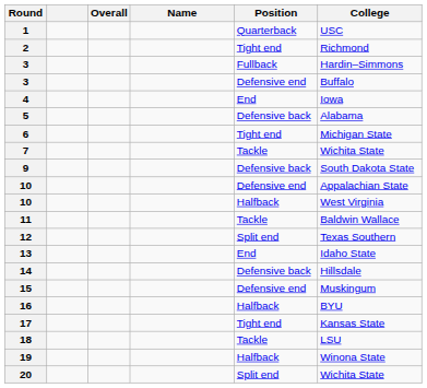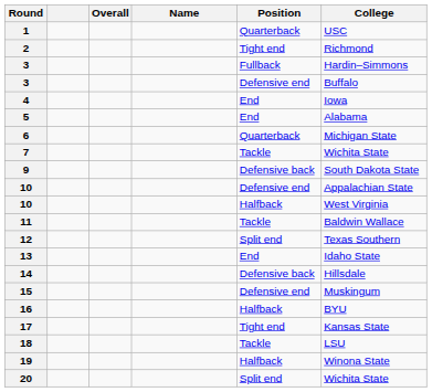 <table class="wikitable sortable">
 <tr>
 <th scope="col" style="width: 10%;">Round</th>
 <th scope="col" style="width: 10%;"></th>
 <th scope="col" style="width: 10%;">Overall</th>
 <th scope="col" style="width: 25%;">Name</th>
 <th scope="col" style="width: 20%;">Position</th>
 <th scope="col" style="width: 25%;">College</th>
 </tr>
 <tr>
 <th scope="row">1</th>
 <td></td>
 <td></td>
 <td></td>
 <td><a href='#'>Quarterback</a></td>
 <td><a href='#'>USC</a></td>
 </tr>
 <tr>
 <th scope="row">2</th>
 <td></td>
 <td></td>
 <td></td>
 <td><a href='#'>Tight end</a></td>
 <td><a href='#'>Richmond</a></td>
 </tr>
 <tr>
 <th scope="row">3</th>
 <td></td>
 <td></td>
 <td></td>
 <td><a href='#'>Fullback</a></td>
 <td><a href='#'>Hardin–Simmons</a></td>
 </tr>
 <tr>
 <th scope="row">3</th>
 <td></td>
 <td></td>
 <td></td>
 <td><a href='#'>Defensive end</a></td>
 <td><a href='#'>Buffalo</a></td>
 </tr>
 <tr>
 <th scope="row">4</th>
 <td></td>
 <td></td>
 <td></td>
 <td><a href='#'>End</a></td>
 <td><a href='#'>Iowa</a></td>
 </tr>
 <tr>
 <th scope="row">5</th>
 <td></td>
 <td></td>
 <td></td>
-<td><a href='#'>Defensive back</a></td>
+<td><a href='#'>End</a></td>
 <td><a href='#'>Alabama</a></td>
 </tr>
 <tr>
 <th scope="row">6</th>
 <td></td>
 <td></td>
 <td></td>
-<td><a href='#'>Tight end</a></td>
+<td><a href='#'>Quarterback</a></td>
 <td><a href='#'>Michigan State</a></td>
 </tr>
 <tr>
 <th scope="row">7</th>
 <td></td>
 <td></td>
 <td></td>
 <td><a href='#'>Tackle</a></td>
 <td><a href='#'>Wichita State</a></td>
 </tr>
 <tr>
 <th scope="row">9</th>
 <td></td>
 <td></td>
 <td></td>
 <td><a href='#'>Defensive back</a></td>
 <td><a href='#'>South Dakota State</a></td>
 </tr>
 <tr>
 <th scope="row">10</th>
 <td></td>
 <td></td>
 <td></td>
 <td><a href='#'>Defensive end</a></td>
 <td><a href='#'>Appalachian State</a></td>
 </tr>
 <tr>
 <th scope="row">10</th>
 <td></td>
 <td></td>
 <td></td>
 <td><a href='#'>Halfback</a></td>
 <td><a href='#'>West Virginia</a></td>
 </tr>
 <tr>
 <th scope="row">11</th>
 <td></td>
 <td></td>
 <td></td>
 <td><a href='#'>Tackle</a></td>
 <td><a href='#'>Baldwin Wallace</a></td>
 </tr>
 <tr>
 <th scope="row">12</th>
 <td></td>
 <td></td>
 <td></td>
 <td><a href='#'>Split end</a></td>
 <td><a href='#'>Texas Southern</a></td>
 </tr>
 <tr>
 <th scope="row">13</th>
 <td></td>
 <td></td>
 <td></td>
 <td><a href='#'>End</a></td>
 <td><a href='#'>Idaho State</a></td>
 </tr>
 <tr>
 <th scope="row">14</th>
 <td></td>
 <td></td>
 <td></td>
 <td><a href='#'>Defensive back</a></td>
 <td><a href='#'>Hillsdale</a></td>
 </tr>
 <tr>
 <th scope="row">15</th>
 <td></td>
 <td></td>
 <td></td>
 <td><a href='#'>Defensive end</a></td>
 <td><a href='#'>Muskingum</a></td>
 </tr>
 <tr>
 <th scope="row">16</th>
 <td></td>
 <td></td>
 <td></td>
 <td><a href='#'>Halfback</a></td>
 <td><a href='#'>BYU</a></td>
 </tr>
 <tr>
 <th scope="row">17</th>
 <td></td>
 <td></td>
 <td></td>
 <td><a href='#'>Tight end</a></td>
 <td><a href='#'>Kansas State</a></td>
 </tr>
 <tr>
 <th scope="row">18</th>
 <td></td>
 <td></td>
 <td></td>
 <td><a href='#'>Tackle</a></td>
 <td><a href='#'>LSU</a></td>
 </tr>
 <tr>
 <th scope="row">19</th>
 <td></td>
 <td></td>
 <td></td>
 <td><a href='#'>Halfback</a></td>
 <td><a href='#'>Winona State</a></td>
 </tr>
 <tr>
 <th scope="row">20</th>
 <td></td>
 <td></td>
 <td></td>
 <td><a href='#'>Split end</a></td>
 <td><a href='#'>Wichita State</a></td>
 </tr>
 </table>
